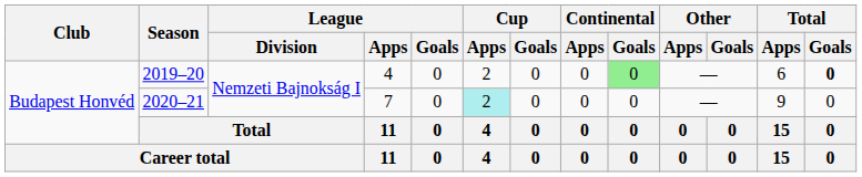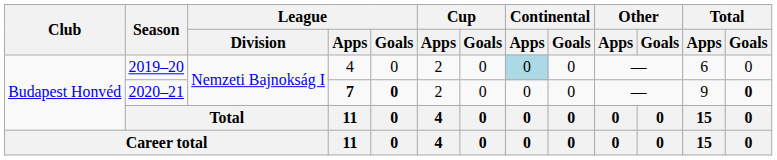 <table class="wikitable" style="text-align:center">
 <tr>
 <th rowspan="2">Club</th>
 <th rowspan="2">Season</th>
 <th colspan="3">League</th>
 <th colspan="2">Cup</th>
 <th colspan="2">Continental</th>
 <th colspan="2">Other</th>
 <th colspan="2">Total</th>
 </tr>
 <tr>
 <th>Division</th>
 <th>Apps</th>
 <th>Goals</th>
 <th>Apps</th>
 <th>Goals</th>
 <th>Apps</th>
 <th>Goals</th>
 <th>Apps</th>
 <th>Goals</th>
 <th>Apps</th>
 <th>Goals</th>
 </tr>
 <tr>
 <td rowspan="3"><a href='#'>Budapest Honvéd</a></td>
 <td><a href='#'>2019–20</a></td>
 <td rowspan="2"><a href='#'>Nemzeti Bajnokság I</a></td>
 <td>4</td>
 <td>0</td>
 <td>2</td>
 <td>0</td>
+<td style="background: lightblue;">0</td>
 <td>0</td>
-<td style="background: lightgreen;">0</td>
 <td colspan="2">—</td>
 <td>6</td>
-<td><strong>0</strong></td>
+<td>0</td>
 </tr>
 <tr>
 <td><a href='#'>2020–21</a></td>
-<td>7</td>
-<td>0</td>
-<td style="background: paleturquoise;">2</td>
+<td><strong>7</strong></td>
+<td><strong>0</strong></td>
+<td>2</td>
 <td>0</td>
 <td>0</td>
 <td>0</td>
 <td colspan="2">—</td>
 <td>9</td>
-<td>0</td>
+<td><strong>0</strong></td>
 </tr>
 <tr>
 <th colspan="2">Total</th>
 <th>11</th>
 <th>0</th>
 <th>4</th>
 <th>0</th>
 <th>0</th>
 <th>0</th>
 <th>0</th>
 <th>0</th>
 <th>15</th>
 <th>0</th>
 </tr>
 <tr>
 <th colspan="3">Career total</th>
 <th>11</th>
 <th>0</th>
 <th>4</th>
 <th>0</th>
 <th>0</th>
 <th>0</th>
 <th>0</th>
 <th>0</th>
 <th>15</th>
 <th>0</th>
 </tr>
 </table>
